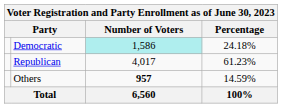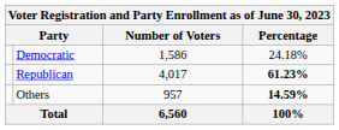 <table class=wikitable>
 <tr>
 <th colspan = 6>Voter Registration and Party Enrollment as of June 30, 2023</th>
 </tr>
 <tr>
 <th colspan = 2>Party</th>
 <th>Number of Voters</th>
 <th>Percentage</th>
 </tr>
 <tr>
 <td></td>
 <td><a href='#'>Democratic</a></td>
-<td align = center style="background: paleturquoise;">1,586</td>
+<td align = center>1,586</td>
 <td align = center>24.18%</td>
 </tr>
 <tr>
 <td></td>
 <td><a href='#'>Republican</a></td>
 <td align = center>4,017</td>
-<td align = center>61.23%</td>
+<td align = center><strong>61.23%</strong></td>
 </tr>
 <tr>
 <td></td>
 <td>Others</td>
-<td align = center><strong>957</strong></td>
-<td align = center>14.59%</td>
+<td align = center>957</td>
+<td align = center><strong>14.59%</strong></td>
 </tr>
 <tr>
 <th colspan = 2>Total</th>
 <th align = center>6,560</th>
 <th align = center>100%</th>
 </tr>
 </table>
